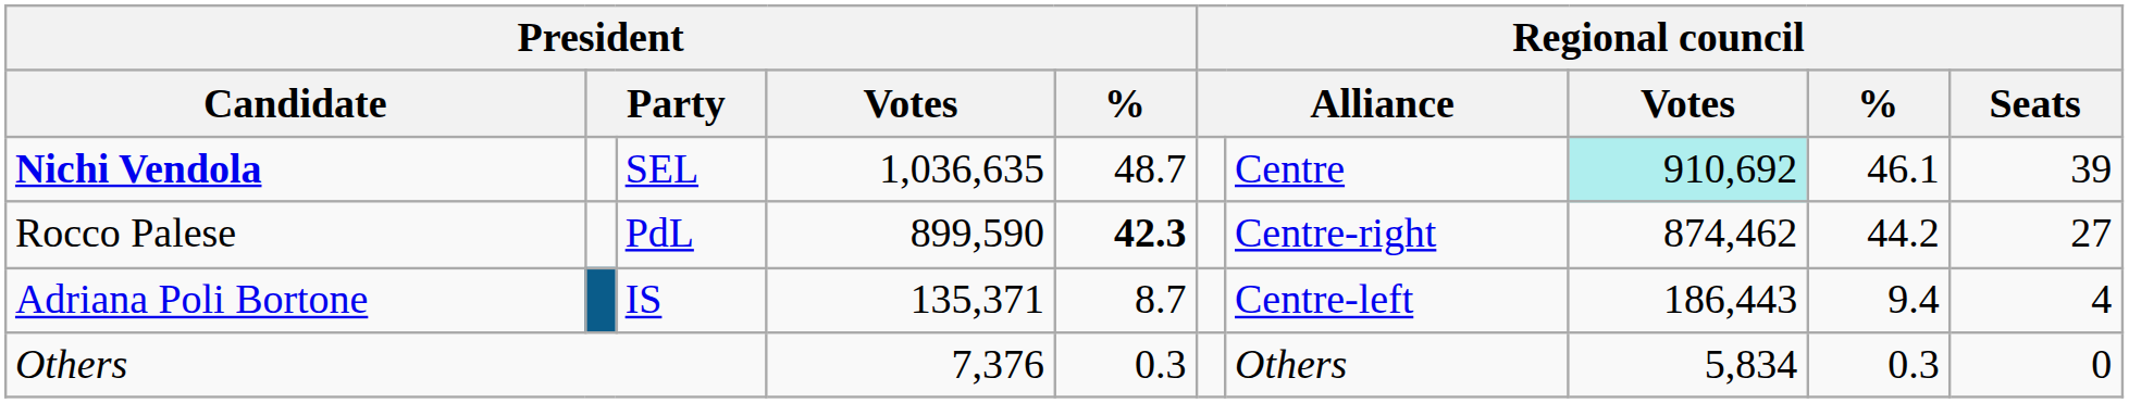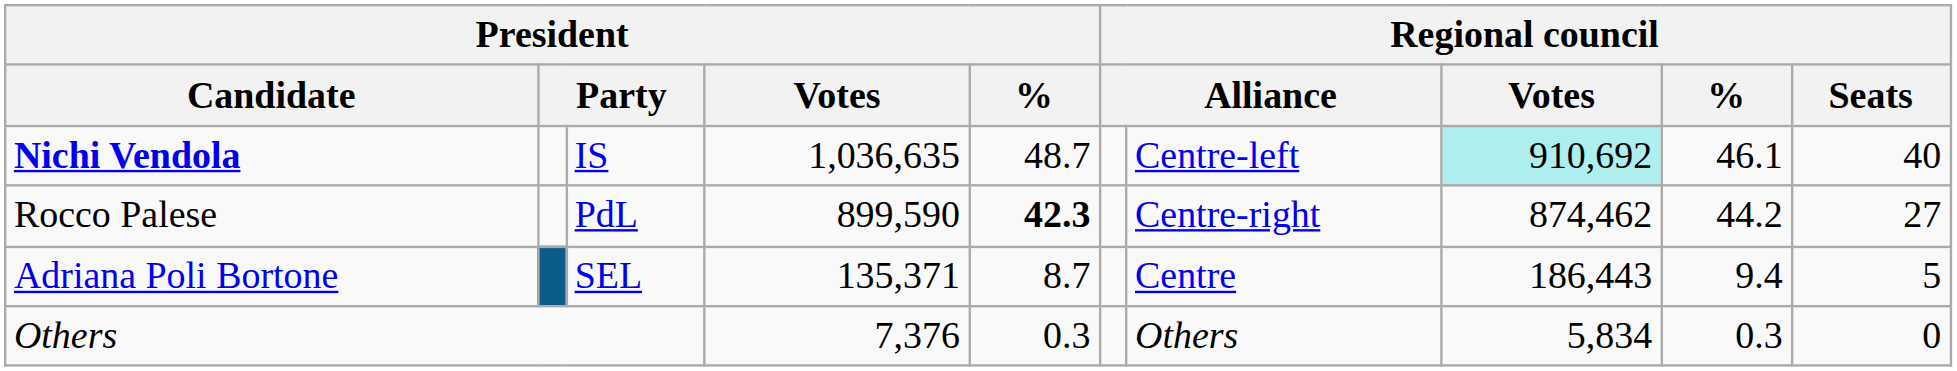 <table class="wikitable" style="text-align:right; style="width=65%">
 <tr>
 <th colspan="5">President</th>
 <th colspan="7">Regional council</th>
 </tr>
 <tr>
 <th>Candidate</th>
 <th colspan="2">Party</th>
 <th>Votes</th>
 <th>%</th>
 <th colspan="2">Alliance</th>
 <th>Votes</th>
 <th>%</th>
 <th>Seats</th>
 </tr>
 <tr>
 <td style="text-align:left"><strong><a href='#'>Nichi Vendola</a></strong></td>
 <td></td>
-<td style="text-align:left"><a href='#'>SEL</a></td>
+<td style="text-align:left"><a href='#'>IS</a></td>
 <td>1,036,635</td>
 <td>48.7</td>
 <td></td>
-<td style="text-align:left"><a href='#'>Centre</a></td>
+<td style="text-align:left"><a href='#'>Centre-left</a></td>
 <td style="background: paleturquoise;">910,692</td>
 <td>46.1</td>
-<td>39</td>
+<td>40</td>
 </tr>
 <tr>
 <td style="text-align:left">Rocco Palese</td>
 <td></td>
 <td style="text-align:left"><a href='#'>PdL</a></td>
 <td>899,590</td>
 <td><strong>42.3</strong></td>
 <td></td>
 <td style="text-align:left"><a href='#'>Centre-right</a></td>
 <td>874,462</td>
 <td>44.2</td>
 <td>27</td>
 </tr>
 <tr>
 <td style="text-align:left"><a href='#'>Adriana Poli Bortone</a></td>
 <td bgcolor="#0A5C8A"></td>
-<td style="text-align:left"><a href='#'>IS</a></td>
+<td style="text-align:left"><a href='#'>SEL</a></td>
 <td>135,371</td>
 <td>8.7</td>
 <td></td>
-<td style="text-align:left"><a href='#'>Centre-left</a></td>
+<td style="text-align:left"><a href='#'>Centre</a></td>
 <td>186,443</td>
 <td>9.4</td>
-<td>4</td>
+<td>5</td>
 </tr>
 <tr>
 <td colspan="3" style="text-align:left"><em>Others</em></td>
 <td>7,376</td>
 <td>0.3</td>
 <td></td>
 <td style="text-align:left"><em>Others</em></td>
 <td>5,834</td>
 <td>0.3</td>
 <td>0</td>
 </tr>
 </table>
